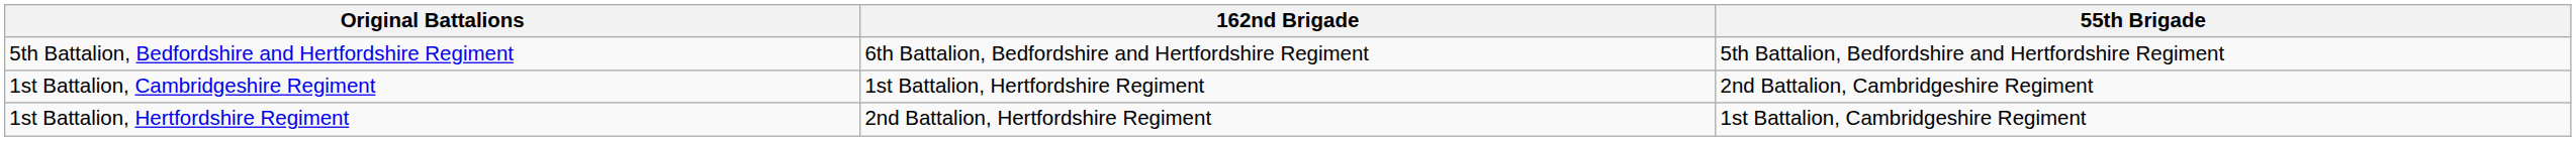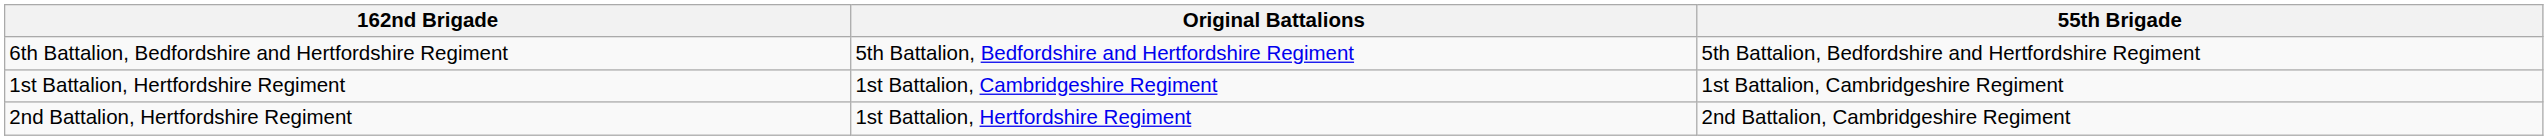 <table class="wikitable" style="width:100%;">
 <tr>
+<th>162nd Brigade</th>
 <th>Original Battalions</th>
-<th>162nd Brigade</th>
 <th>55th Brigade</th>
 </tr>
 <tr>
+<td>6th Battalion, Bedfordshire and Hertfordshire Regiment</td>
 <td>5th Battalion, <a href='#'>Bedfordshire and Hertfordshire Regiment</a></td>
-<td>6th Battalion, Bedfordshire and Hertfordshire Regiment</td>
 <td>5th Battalion, Bedfordshire and Hertfordshire Regiment</td>
 </tr>
 <tr>
+<td>1st Battalion, Hertfordshire Regiment</td>
 <td>1st Battalion, <a href='#'>Cambridgeshire Regiment</a></td>
-<td>1st Battalion, Hertfordshire Regiment</td>
+<td>1st Battalion, Cambridgeshire Regiment</td>
+</tr>
+<tr>
+<td>2nd Battalion, Hertfordshire Regiment</td>
+<td>1st Battalion, <a href='#'>Hertfordshire Regiment</a></td>
 <td>2nd Battalion, Cambridgeshire Regiment</td>
 </tr>
-<tr>
-<td>1st Battalion, <a href='#'>Hertfordshire Regiment</a></td>
-<td>2nd Battalion, Hertfordshire Regiment</td>
-<td>1st Battalion, Cambridgeshire Regiment</td>
-</tr>
 </table>
